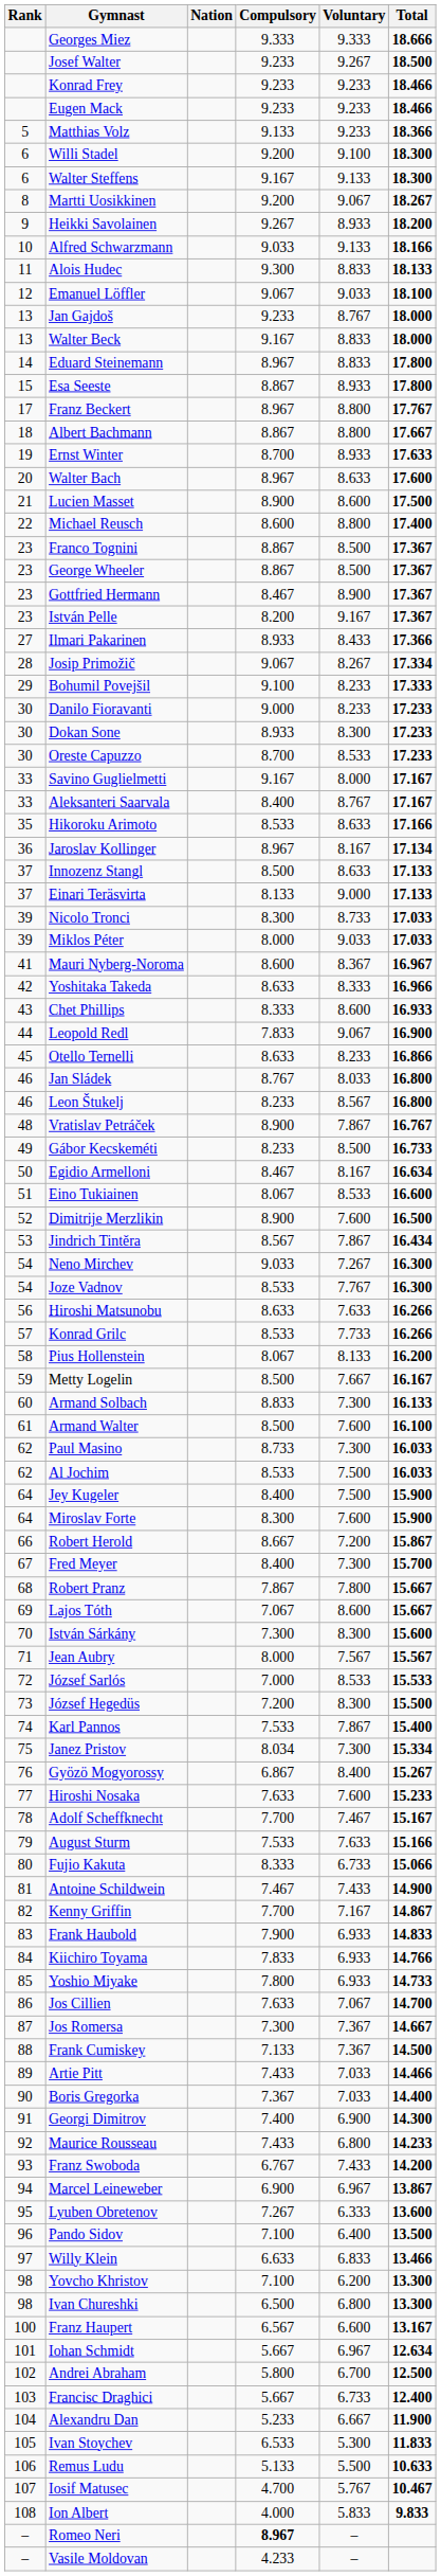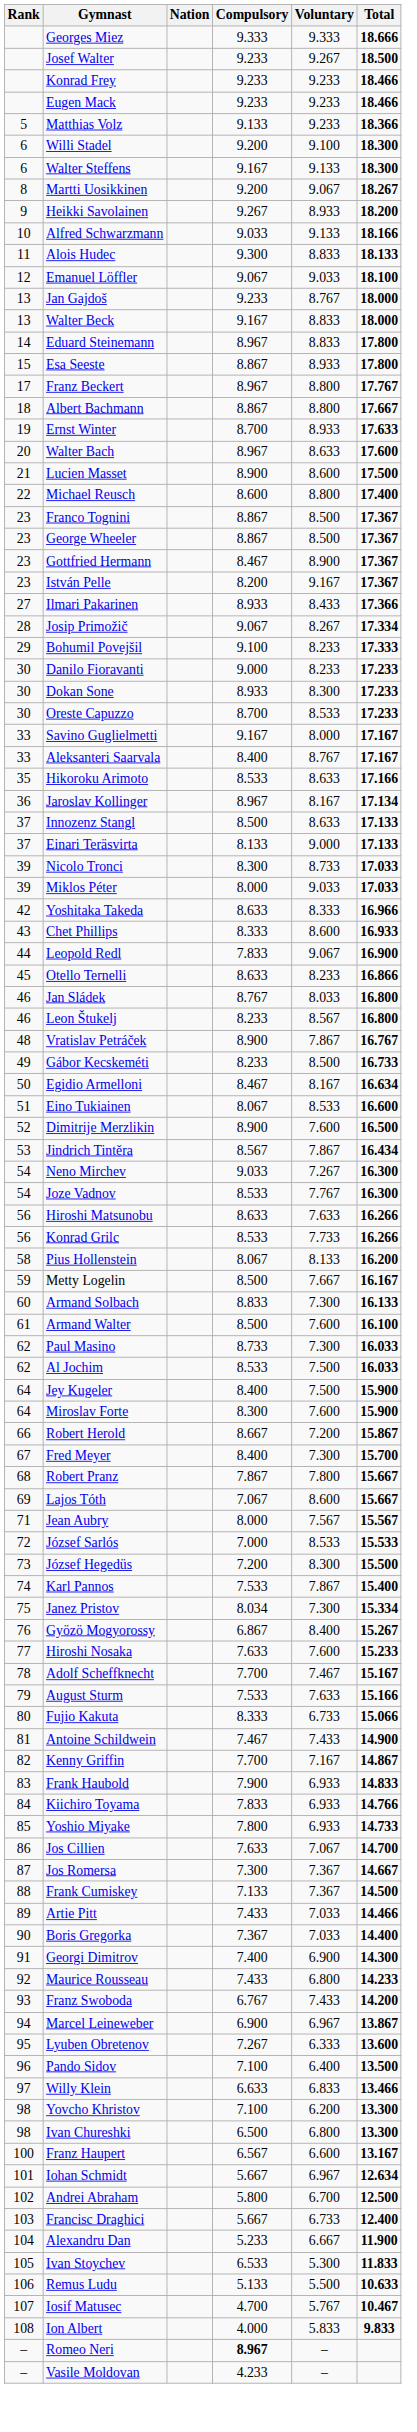 <table class="wikitable sortable" style="text-align:center">
 <tr>
 <th>Rank</th>
 <th>Gymnast</th>
 <th>Nation</th>
 <th>Compulsory</th>
 <th>Voluntary</th>
 <th>Total</th>
 </tr>
 <tr>
 <td></td>
 <td align=left><a href='#'>Georges Miez</a></td>
 <td align=left></td>
 <td>9.333</td>
 <td>9.333</td>
 <td><strong>18.666</strong></td>
 </tr>
 <tr>
 <td></td>
 <td align=left><a href='#'>Josef Walter</a></td>
 <td align=left></td>
 <td>9.233</td>
 <td>9.267</td>
 <td><strong>18.500</strong></td>
 </tr>
 <tr>
 <td></td>
 <td align=left><a href='#'>Konrad Frey</a></td>
 <td align=left></td>
 <td>9.233</td>
 <td>9.233</td>
 <td><strong>18.466</strong></td>
 </tr>
 <tr>
 <td></td>
 <td align=left><a href='#'>Eugen Mack</a></td>
 <td align=left></td>
 <td>9.233</td>
 <td>9.233</td>
 <td><strong>18.466</strong></td>
 </tr>
 <tr>
 <td>5</td>
 <td align=left><a href='#'>Matthias Volz</a></td>
 <td align=left></td>
 <td>9.133</td>
 <td>9.233</td>
 <td><strong>18.366</strong></td>
 </tr>
 <tr>
 <td>6</td>
 <td align=left><a href='#'>Willi Stadel</a></td>
 <td align=left></td>
 <td>9.200</td>
 <td>9.100</td>
 <td><strong>18.300</strong></td>
 </tr>
 <tr>
 <td>6</td>
 <td align=left><a href='#'>Walter Steffens</a></td>
 <td align=left></td>
 <td>9.167</td>
 <td>9.133</td>
 <td><strong>18.300</strong></td>
 </tr>
 <tr>
 <td>8</td>
 <td align=left><a href='#'>Martti Uosikkinen</a></td>
 <td align=left></td>
 <td>9.200</td>
 <td>9.067</td>
 <td><strong>18.267</strong></td>
 </tr>
 <tr>
 <td>9</td>
 <td align=left><a href='#'>Heikki Savolainen</a></td>
 <td align=left></td>
 <td>9.267</td>
 <td>8.933</td>
 <td><strong>18.200</strong></td>
 </tr>
 <tr>
 <td>10</td>
 <td align=left><a href='#'>Alfred Schwarzmann</a></td>
 <td align=left></td>
 <td>9.033</td>
 <td>9.133</td>
 <td><strong>18.166</strong></td>
 </tr>
 <tr>
 <td>11</td>
 <td align=left><a href='#'>Alois Hudec</a></td>
 <td align=left></td>
 <td>9.300</td>
 <td>8.833</td>
 <td><strong>18.133</strong></td>
 </tr>
 <tr>
 <td>12</td>
 <td align=left><a href='#'>Emanuel Löffler</a></td>
 <td align=left></td>
 <td>9.067</td>
 <td>9.033</td>
 <td><strong>18.100</strong></td>
 </tr>
 <tr>
 <td>13</td>
 <td align=left><a href='#'>Jan Gajdoš</a></td>
 <td align=left></td>
 <td>9.233</td>
 <td>8.767</td>
 <td><strong>18.000</strong></td>
 </tr>
 <tr>
 <td>13</td>
 <td align=left><a href='#'>Walter Beck</a></td>
 <td align=left></td>
 <td>9.167</td>
 <td>8.833</td>
 <td><strong>18.000</strong></td>
 </tr>
 <tr>
 <td>14</td>
 <td align=left><a href='#'>Eduard Steinemann</a></td>
 <td align=left></td>
 <td>8.967</td>
 <td>8.833</td>
 <td><strong>17.800</strong></td>
 </tr>
 <tr>
 <td>15</td>
 <td align=left><a href='#'>Esa Seeste</a></td>
 <td align=left></td>
 <td>8.867</td>
 <td>8.933</td>
 <td><strong>17.800</strong></td>
 </tr>
 <tr>
 <td>17</td>
 <td align=left><a href='#'>Franz Beckert</a></td>
 <td align=left></td>
 <td>8.967</td>
 <td>8.800</td>
 <td><strong>17.767</strong></td>
 </tr>
 <tr>
 <td>18</td>
 <td align=left><a href='#'>Albert Bachmann</a></td>
 <td align=left></td>
 <td>8.867</td>
 <td>8.800</td>
 <td><strong>17.667</strong></td>
 </tr>
 <tr>
 <td>19</td>
 <td align=left><a href='#'>Ernst Winter</a></td>
 <td align=left></td>
 <td>8.700</td>
 <td>8.933</td>
 <td><strong>17.633</strong></td>
 </tr>
 <tr>
 <td>20</td>
 <td align=left><a href='#'>Walter Bach</a></td>
 <td align=left></td>
 <td>8.967</td>
 <td>8.633</td>
 <td><strong>17.600</strong></td>
 </tr>
 <tr>
 <td>21</td>
 <td align=left><a href='#'>Lucien Masset</a></td>
 <td align=left></td>
 <td>8.900</td>
 <td>8.600</td>
 <td><strong>17.500</strong></td>
 </tr>
 <tr>
 <td>22</td>
 <td align=left><a href='#'>Michael Reusch</a></td>
 <td align=left></td>
 <td>8.600</td>
 <td>8.800</td>
 <td><strong>17.400</strong></td>
 </tr>
 <tr>
 <td>23</td>
 <td align=left><a href='#'>Franco Tognini</a></td>
 <td align=left></td>
 <td>8.867</td>
 <td>8.500</td>
 <td><strong>17.367</strong></td>
 </tr>
 <tr>
 <td>23</td>
 <td align=left><a href='#'>George Wheeler</a></td>
 <td align=left></td>
 <td>8.867</td>
 <td>8.500</td>
 <td><strong>17.367</strong></td>
 </tr>
 <tr>
 <td>23</td>
 <td align=left><a href='#'>Gottfried Hermann</a></td>
 <td align=left></td>
 <td>8.467</td>
 <td>8.900</td>
 <td><strong>17.367</strong></td>
 </tr>
 <tr>
 <td>23</td>
 <td align=left><a href='#'>István Pelle</a></td>
 <td align=left></td>
 <td>8.200</td>
 <td>9.167</td>
 <td><strong>17.367</strong></td>
 </tr>
 <tr>
 <td>27</td>
 <td align=left><a href='#'>Ilmari Pakarinen</a></td>
 <td align=left></td>
 <td>8.933</td>
 <td>8.433</td>
 <td><strong>17.366</strong></td>
 </tr>
 <tr>
 <td>28</td>
 <td align=left><a href='#'>Josip Primožič</a></td>
 <td align=left></td>
 <td>9.067</td>
 <td>8.267</td>
 <td><strong>17.334</strong></td>
 </tr>
 <tr>
 <td>29</td>
 <td align=left><a href='#'>Bohumil Povejšil</a></td>
 <td align=left></td>
 <td>9.100</td>
 <td>8.233</td>
 <td><strong>17.333</strong></td>
 </tr>
 <tr>
 <td>30</td>
 <td align=left><a href='#'>Danilo Fioravanti</a></td>
 <td align=left></td>
 <td>9.000</td>
 <td>8.233</td>
 <td><strong>17.233</strong></td>
 </tr>
 <tr>
 <td>30</td>
 <td align=left><a href='#'>Dokan Sone</a></td>
 <td align=left></td>
 <td>8.933</td>
 <td>8.300</td>
 <td><strong>17.233</strong></td>
 </tr>
 <tr>
 <td>30</td>
 <td align=left><a href='#'>Oreste Capuzzo</a></td>
 <td align=left></td>
 <td>8.700</td>
 <td>8.533</td>
 <td><strong>17.233</strong></td>
 </tr>
 <tr>
 <td>33</td>
 <td align=left><a href='#'>Savino Guglielmetti</a></td>
 <td align=left></td>
 <td>9.167</td>
 <td>8.000</td>
 <td><strong>17.167</strong></td>
 </tr>
 <tr>
 <td>33</td>
 <td align=left><a href='#'>Aleksanteri Saarvala</a></td>
 <td align=left></td>
 <td>8.400</td>
 <td>8.767</td>
 <td><strong>17.167</strong></td>
 </tr>
 <tr>
 <td>35</td>
 <td align=left><a href='#'>Hikoroku Arimoto</a></td>
 <td align=left></td>
 <td>8.533</td>
 <td>8.633</td>
 <td><strong>17.166</strong></td>
 </tr>
 <tr>
 <td>36</td>
 <td align=left><a href='#'>Jaroslav Kollinger</a></td>
 <td align=left></td>
 <td>8.967</td>
 <td>8.167</td>
 <td><strong>17.134</strong></td>
 </tr>
 <tr>
 <td>37</td>
 <td align=left><a href='#'>Innozenz Stangl</a></td>
 <td align=left></td>
 <td>8.500</td>
 <td>8.633</td>
 <td><strong>17.133</strong></td>
 </tr>
 <tr>
 <td>37</td>
 <td align=left><a href='#'>Einari Teräsvirta</a></td>
 <td align=left></td>
 <td>8.133</td>
 <td>9.000</td>
 <td><strong>17.133</strong></td>
 </tr>
 <tr>
 <td>39</td>
 <td align=left><a href='#'>Nicolo Tronci</a></td>
 <td align=left></td>
 <td>8.300</td>
 <td>8.733</td>
 <td><strong>17.033</strong></td>
 </tr>
 <tr>
 <td>39</td>
 <td align=left><a href='#'>Miklos Péter</a></td>
 <td align=left></td>
 <td>8.000</td>
 <td>9.033</td>
 <td><strong>17.033</strong></td>
 </tr>
 <tr>
-<td>41</td>
-<td align=left><a href='#'>Mauri Nyberg-Noroma</a></td>
-<td align=left></td>
-<td>8.600</td>
-<td>8.367</td>
-<td><strong>16.967</strong></td>
-</tr>
-<tr>
 <td>42</td>
 <td align=left><a href='#'>Yoshitaka Takeda</a></td>
 <td align=left></td>
 <td>8.633</td>
 <td>8.333</td>
 <td><strong>16.966</strong></td>
 </tr>
 <tr>
 <td>43</td>
 <td align=left><a href='#'>Chet Phillips</a></td>
 <td align=left></td>
 <td>8.333</td>
 <td>8.600</td>
 <td><strong>16.933</strong></td>
 </tr>
 <tr>
 <td>44</td>
 <td align=left><a href='#'>Leopold Redl</a></td>
 <td align=left></td>
 <td>7.833</td>
 <td>9.067</td>
 <td><strong>16.900</strong></td>
 </tr>
 <tr>
 <td>45</td>
 <td align=left><a href='#'>Otello Ternelli</a></td>
 <td align=left></td>
 <td>8.633</td>
 <td>8.233</td>
 <td><strong>16.866</strong></td>
 </tr>
 <tr>
 <td>46</td>
 <td align=left><a href='#'>Jan Sládek</a></td>
 <td align=left></td>
 <td>8.767</td>
 <td>8.033</td>
 <td><strong>16.800</strong></td>
 </tr>
 <tr>
 <td>46</td>
 <td align=left><a href='#'>Leon Štukelj</a></td>
 <td align=left></td>
 <td>8.233</td>
 <td>8.567</td>
 <td><strong>16.800</strong></td>
 </tr>
 <tr>
 <td>48</td>
 <td align=left><a href='#'>Vratislav Petráček</a></td>
 <td align=left></td>
 <td>8.900</td>
 <td>7.867</td>
 <td><strong>16.767</strong></td>
 </tr>
 <tr>
 <td>49</td>
 <td align=left><a href='#'>Gábor Kecskeméti</a></td>
 <td align=left></td>
 <td>8.233</td>
 <td>8.500</td>
 <td><strong>16.733</strong></td>
 </tr>
 <tr>
 <td>50</td>
 <td align=left><a href='#'>Egidio Armelloni</a></td>
 <td align=left></td>
 <td>8.467</td>
 <td>8.167</td>
 <td><strong>16.634</strong></td>
 </tr>
 <tr>
 <td>51</td>
 <td align=left><a href='#'>Eino Tukiainen</a></td>
 <td align=left></td>
 <td>8.067</td>
 <td>8.533</td>
 <td><strong>16.600</strong></td>
 </tr>
 <tr>
 <td>52</td>
 <td align=left><a href='#'>Dimitrije Merzlikin</a></td>
 <td align=left></td>
 <td>8.900</td>
 <td>7.600</td>
 <td><strong>16.500</strong></td>
 </tr>
 <tr>
 <td>53</td>
 <td align=left><a href='#'>Jindrich Tintěra</a></td>
 <td align=left></td>
 <td>8.567</td>
 <td>7.867</td>
 <td><strong>16.434</strong></td>
 </tr>
 <tr>
 <td>54</td>
 <td align=left><a href='#'>Neno Mirchev</a></td>
 <td align=left></td>
 <td>9.033</td>
 <td>7.267</td>
 <td><strong>16.300</strong></td>
 </tr>
 <tr>
 <td>54</td>
 <td align=left><a href='#'>Joze Vadnov</a></td>
 <td align=left></td>
 <td>8.533</td>
 <td>7.767</td>
 <td><strong>16.300</strong></td>
 </tr>
 <tr>
 <td>56</td>
 <td align=left><a href='#'>Hiroshi Matsunobu</a></td>
 <td align=left></td>
 <td>8.633</td>
 <td>7.633</td>
 <td><strong>16.266</strong></td>
 </tr>
 <tr>
-<td>57</td>
+<td>56</td>
 <td align=left><a href='#'>Konrad Grilc</a></td>
 <td align=left></td>
 <td>8.533</td>
 <td>7.733</td>
 <td><strong>16.266</strong></td>
 </tr>
 <tr>
 <td>58</td>
 <td align=left><a href='#'>Pius Hollenstein</a></td>
 <td align=left></td>
 <td>8.067</td>
 <td>8.133</td>
 <td><strong>16.200</strong></td>
 </tr>
 <tr>
 <td>59</td>
 <td align=left>Metty Logelin</td>
 <td align=left></td>
 <td>8.500</td>
 <td>7.667</td>
 <td><strong>16.167</strong></td>
 </tr>
 <tr>
 <td>60</td>
 <td align=left><a href='#'>Armand Solbach</a></td>
 <td align=left></td>
 <td>8.833</td>
 <td>7.300</td>
 <td><strong>16.133</strong></td>
 </tr>
 <tr>
 <td>61</td>
 <td align=left><a href='#'>Armand Walter</a></td>
 <td align=left></td>
 <td>8.500</td>
 <td>7.600</td>
 <td><strong>16.100</strong></td>
 </tr>
 <tr>
 <td>62</td>
 <td align=left><a href='#'>Paul Masino</a></td>
 <td align=left></td>
 <td>8.733</td>
 <td>7.300</td>
 <td><strong>16.033</strong></td>
 </tr>
 <tr>
 <td>62</td>
 <td align=left><a href='#'>Al Jochim</a></td>
 <td align=left></td>
 <td>8.533</td>
 <td>7.500</td>
 <td><strong>16.033</strong></td>
 </tr>
 <tr>
 <td>64</td>
 <td align=left><a href='#'>Jey Kugeler</a></td>
 <td align=left></td>
 <td>8.400</td>
 <td>7.500</td>
 <td><strong>15.900</strong></td>
 </tr>
 <tr>
 <td>64</td>
 <td align=left><a href='#'>Miroslav Forte</a></td>
 <td align=left></td>
 <td>8.300</td>
 <td>7.600</td>
 <td><strong>15.900</strong></td>
 </tr>
 <tr>
 <td>66</td>
 <td align=left><a href='#'>Robert Herold</a></td>
 <td align=left></td>
 <td>8.667</td>
 <td>7.200</td>
 <td><strong>15.867</strong></td>
 </tr>
 <tr>
 <td>67</td>
 <td align=left><a href='#'>Fred Meyer</a></td>
 <td align=left></td>
 <td>8.400</td>
 <td>7.300</td>
 <td><strong>15.700</strong></td>
 </tr>
 <tr>
 <td>68</td>
 <td align=left><a href='#'>Robert Pranz</a></td>
 <td align=left></td>
 <td>7.867</td>
 <td>7.800</td>
 <td><strong>15.667</strong></td>
 </tr>
 <tr>
 <td>69</td>
 <td align=left><a href='#'>Lajos Tóth</a></td>
 <td align=left></td>
 <td>7.067</td>
 <td>8.600</td>
 <td><strong>15.667</strong></td>
-</tr>
-<tr>
-<td>70</td>
-<td align=left><a href='#'>István Sárkány</a></td>
-<td align=left></td>
-<td>7.300</td>
-<td>8.300</td>
-<td><strong>15.600</strong></td>
 </tr>
 <tr>
 <td>71</td>
 <td align=left><a href='#'>Jean Aubry</a></td>
 <td align=left></td>
 <td>8.000</td>
 <td>7.567</td>
 <td><strong>15.567</strong></td>
 </tr>
 <tr>
 <td>72</td>
 <td align=left><a href='#'>József Sarlós</a></td>
 <td align=left></td>
 <td>7.000</td>
 <td>8.533</td>
 <td><strong>15.533</strong></td>
 </tr>
 <tr>
 <td>73</td>
 <td align=left><a href='#'>József Hegedüs</a></td>
 <td align=left></td>
 <td>7.200</td>
 <td>8.300</td>
 <td><strong>15.500</strong></td>
 </tr>
 <tr>
 <td>74</td>
 <td align=left><a href='#'>Karl Pannos</a></td>
 <td align=left></td>
 <td>7.533</td>
 <td>7.867</td>
 <td><strong>15.400</strong></td>
 </tr>
 <tr>
 <td>75</td>
 <td align=left><a href='#'>Janez Pristov</a></td>
 <td align=left></td>
 <td>8.034</td>
 <td>7.300</td>
 <td><strong>15.334</strong></td>
 </tr>
 <tr>
 <td>76</td>
 <td align=left><a href='#'>Gyözö Mogyorossy</a></td>
 <td align=left></td>
 <td>6.867</td>
 <td>8.400</td>
 <td><strong>15.267</strong></td>
 </tr>
 <tr>
 <td>77</td>
 <td align=left><a href='#'>Hiroshi Nosaka</a></td>
 <td align=left></td>
 <td>7.633</td>
 <td>7.600</td>
 <td><strong>15.233</strong></td>
 </tr>
 <tr>
 <td>78</td>
 <td align=left><a href='#'>Adolf Scheffknecht</a></td>
 <td align=left></td>
 <td>7.700</td>
 <td>7.467</td>
 <td><strong>15.167</strong></td>
 </tr>
 <tr>
 <td>79</td>
 <td align=left><a href='#'>August Sturm</a></td>
 <td align=left></td>
 <td>7.533</td>
 <td>7.633</td>
 <td><strong>15.166</strong></td>
 </tr>
 <tr>
 <td>80</td>
 <td align=left><a href='#'>Fujio Kakuta</a></td>
 <td align=left></td>
 <td>8.333</td>
 <td>6.733</td>
 <td><strong>15.066</strong></td>
 </tr>
 <tr>
 <td>81</td>
 <td align=left><a href='#'>Antoine Schildwein</a></td>
 <td align=left></td>
 <td>7.467</td>
 <td>7.433</td>
 <td><strong>14.900</strong></td>
 </tr>
 <tr>
 <td>82</td>
 <td align=left><a href='#'>Kenny Griffin</a></td>
 <td align=left></td>
 <td>7.700</td>
 <td>7.167</td>
 <td><strong>14.867</strong></td>
 </tr>
 <tr>
 <td>83</td>
 <td align=left><a href='#'>Frank Haubold</a></td>
 <td align=left></td>
 <td>7.900</td>
 <td>6.933</td>
 <td><strong>14.833</strong></td>
 </tr>
 <tr>
 <td>84</td>
 <td align=left><a href='#'>Kiichiro Toyama</a></td>
 <td align=left></td>
 <td>7.833</td>
 <td>6.933</td>
 <td><strong>14.766</strong></td>
 </tr>
 <tr>
 <td>85</td>
 <td align=left><a href='#'>Yoshio Miyake</a></td>
 <td align=left></td>
 <td>7.800</td>
 <td>6.933</td>
 <td><strong>14.733</strong></td>
 </tr>
 <tr>
 <td>86</td>
 <td align=left><a href='#'>Jos Cillien</a></td>
 <td align=left></td>
 <td>7.633</td>
 <td>7.067</td>
 <td><strong>14.700</strong></td>
 </tr>
 <tr>
 <td>87</td>
 <td align=left><a href='#'>Jos Romersa</a></td>
 <td align=left></td>
 <td>7.300</td>
 <td>7.367</td>
 <td><strong>14.667</strong></td>
 </tr>
 <tr>
 <td>88</td>
 <td align=left><a href='#'>Frank Cumiskey</a></td>
 <td align=left></td>
 <td>7.133</td>
 <td>7.367</td>
 <td><strong>14.500</strong></td>
 </tr>
 <tr>
 <td>89</td>
 <td align=left><a href='#'>Artie Pitt</a></td>
 <td align=left></td>
 <td>7.433</td>
 <td>7.033</td>
 <td><strong>14.466</strong></td>
 </tr>
 <tr>
 <td>90</td>
 <td align=left><a href='#'>Boris Gregorka</a></td>
 <td align=left></td>
 <td>7.367</td>
 <td>7.033</td>
 <td><strong>14.400</strong></td>
 </tr>
 <tr>
 <td>91</td>
 <td align=left><a href='#'>Georgi Dimitrov</a></td>
 <td align=left></td>
 <td>7.400</td>
 <td>6.900</td>
 <td><strong>14.300</strong></td>
 </tr>
 <tr>
 <td>92</td>
 <td align=left><a href='#'>Maurice Rousseau</a></td>
 <td align=left></td>
 <td>7.433</td>
 <td>6.800</td>
 <td><strong>14.233</strong></td>
 </tr>
 <tr>
 <td>93</td>
 <td align=left><a href='#'>Franz Swoboda</a></td>
 <td align=left></td>
 <td>6.767</td>
 <td>7.433</td>
 <td><strong>14.200</strong></td>
 </tr>
 <tr>
 <td>94</td>
 <td align=left><a href='#'>Marcel Leineweber</a></td>
 <td align=left></td>
 <td>6.900</td>
 <td>6.967</td>
 <td><strong>13.867</strong></td>
 </tr>
 <tr>
 <td>95</td>
 <td align=left><a href='#'>Lyuben Obretenov</a></td>
 <td align=left></td>
 <td>7.267</td>
 <td>6.333</td>
 <td><strong>13.600</strong></td>
 </tr>
 <tr>
 <td>96</td>
 <td align=left><a href='#'>Pando Sidov</a></td>
 <td align=left></td>
 <td>7.100</td>
 <td>6.400</td>
 <td><strong>13.500</strong></td>
 </tr>
 <tr>
 <td>97</td>
 <td align=left><a href='#'>Willy Klein</a></td>
 <td align=left></td>
 <td>6.633</td>
 <td>6.833</td>
 <td><strong>13.466</strong></td>
 </tr>
 <tr>
 <td>98</td>
 <td align=left><a href='#'>Yovcho Khristov</a></td>
 <td align=left></td>
 <td>7.100</td>
 <td>6.200</td>
 <td><strong>13.300</strong></td>
 </tr>
 <tr>
 <td>98</td>
 <td align=left><a href='#'>Ivan Chureshki</a></td>
 <td align=left></td>
 <td>6.500</td>
 <td>6.800</td>
 <td><strong>13.300</strong></td>
 </tr>
 <tr>
 <td>100</td>
 <td align=left><a href='#'>Franz Haupert</a></td>
 <td align=left></td>
 <td>6.567</td>
 <td>6.600</td>
 <td><strong>13.167</strong></td>
 </tr>
 <tr>
 <td>101</td>
 <td align=left><a href='#'>Iohan Schmidt</a></td>
 <td align=left></td>
 <td>5.667</td>
 <td>6.967</td>
 <td><strong>12.634</strong></td>
 </tr>
 <tr>
 <td>102</td>
 <td align=left><a href='#'>Andrei Abraham</a></td>
 <td align=left></td>
 <td>5.800</td>
 <td>6.700</td>
 <td><strong>12.500</strong></td>
 </tr>
 <tr>
 <td>103</td>
 <td align=left><a href='#'>Francisc Draghici</a></td>
 <td align=left></td>
 <td>5.667</td>
 <td>6.733</td>
 <td><strong>12.400</strong></td>
 </tr>
 <tr>
 <td>104</td>
 <td align=left><a href='#'>Alexandru Dan</a></td>
 <td align=left></td>
 <td>5.233</td>
 <td>6.667</td>
 <td><strong>11.900</strong></td>
 </tr>
 <tr>
 <td>105</td>
 <td align=left><a href='#'>Ivan Stoychev</a></td>
 <td align=left></td>
 <td>6.533</td>
 <td>5.300</td>
 <td><strong>11.833</strong></td>
 </tr>
 <tr>
 <td>106</td>
 <td align=left><a href='#'>Remus Ludu</a></td>
 <td align=left></td>
 <td>5.133</td>
 <td>5.500</td>
 <td><strong>10.633</strong></td>
 </tr>
 <tr>
 <td>107</td>
 <td align=left><a href='#'>Iosif Matusec</a></td>
 <td align=left></td>
 <td>4.700</td>
 <td>5.767</td>
 <td><strong>10.467</strong></td>
 </tr>
 <tr>
 <td>108</td>
 <td align=left><a href='#'>Ion Albert</a></td>
 <td align=left></td>
 <td>4.000</td>
 <td>5.833</td>
 <td><strong>9.833</strong></td>
 </tr>
 <tr>
 <td>–</td>
 <td align=left><a href='#'>Romeo Neri</a></td>
 <td align=left></td>
 <td><strong>8.967</strong></td>
 <td>–</td>
 <td></td>
 </tr>
 <tr>
 <td>–</td>
 <td align=left><a href='#'>Vasile Moldovan</a></td>
 <td align=left></td>
 <td>4.233</td>
 <td>–</td>
 <td></td>
 </tr>
 </table>
